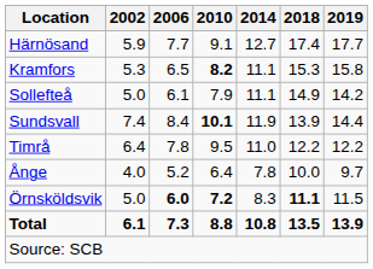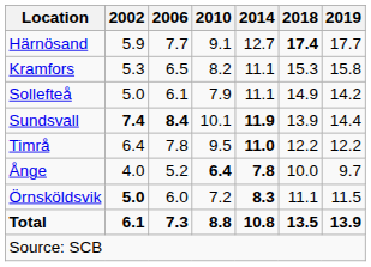 <table class="wikitable sortable" style=text-align:right>
 <tr>
 <th>Location</th>
 <th>2002</th>
 <th>2006</th>
 <th>2010</th>
 <th>2014</th>
 <th>2018</th>
 <th>2019</th>
 </tr>
 <tr>
 <td align=left><a href='#'>Härnösand</a></td>
 <td>5.9</td>
 <td>7.7</td>
 <td>9.1</td>
 <td>12.7</td>
-<td>17.4</td>
+<td><strong>17.4</strong></td>
 <td>17.7</td>
 </tr>
 <tr>
 <td align=left><a href='#'>Kramfors</a></td>
 <td>5.3</td>
 <td>6.5</td>
-<td><strong>8.2</strong></td>
+<td>8.2</td>
 <td>11.1</td>
 <td>15.3</td>
 <td>15.8</td>
 </tr>
 <tr>
 <td align=left><a href='#'>Sollefteå</a></td>
 <td>5.0</td>
 <td>6.1</td>
 <td>7.9</td>
 <td>11.1</td>
 <td>14.9</td>
 <td>14.2</td>
 </tr>
 <tr>
 <td align=left><a href='#'>Sundsvall</a></td>
-<td>7.4</td>
-<td>8.4</td>
-<td><strong>10.1</strong></td>
-<td>11.9</td>
+<td><strong>7.4</strong></td>
+<td><strong>8.4</strong></td>
+<td>10.1</td>
+<td><strong>11.9</strong></td>
 <td>13.9</td>
 <td>14.4</td>
 </tr>
 <tr>
 <td align=left><a href='#'>Timrå</a></td>
 <td>6.4</td>
 <td>7.8</td>
 <td>9.5</td>
-<td>11.0</td>
+<td><strong>11.0</strong></td>
 <td>12.2</td>
 <td>12.2</td>
 </tr>
 <tr>
 <td align=left><a href='#'>Ånge</a></td>
 <td>4.0</td>
 <td>5.2</td>
-<td>6.4</td>
-<td>7.8</td>
+<td><strong>6.4</strong></td>
+<td><strong>7.8</strong></td>
 <td>10.0</td>
 <td>9.7</td>
 </tr>
 <tr>
 <td align=left><a href='#'>Örnsköldsvik</a></td>
-<td>5.0</td>
-<td><strong>6.0</strong></td>
-<td><strong>7.2</strong></td>
-<td>8.3</td>
-<td><strong>11.1</strong></td>
+<td><strong>5.0</strong></td>
+<td>6.0</td>
+<td>7.2</td>
+<td><strong>8.3</strong></td>
+<td>11.1</td>
 <td>11.5</td>
 </tr>
 <tr>
 <td align=left><strong>Total</strong></td>
 <td><strong>6.1</strong></td>
 <td><strong>7.3</strong></td>
 <td><strong>8.8</strong></td>
 <td><strong>10.8</strong></td>
 <td><strong>13.5</strong></td>
 <td><strong>13.9</strong></td>
 </tr>
 <tr>
 <td align=left colspan=7>Source: SCB </td>
 </tr>
 </table>
